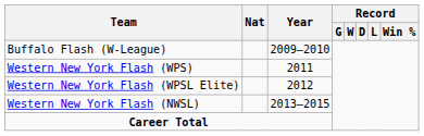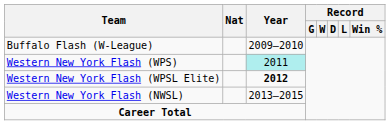 <table class="wikitable" style="text-align: center">
 <tr>
 <th rowspan="2">Team</th>
 <th rowspan="2">Nat</th>
 <th rowspan="2">Year</th>
 <th colspan="5">Record</th>
 </tr>
 <tr>
 <th>G</th>
 <th>W</th>
 <th>D</th>
 <th>L</th>
 <th>Win %</th>
 </tr>
 <tr>
 <td align="left">Buffalo Flash (W-League)</td>
 <td></td>
 <td>2009–2010<br></td>
 </tr>
 <tr>
 <td align="left"><a href='#'>Western New York Flash</a> (WPS)</td>
 <td></td>
-<td>2011<br></td>
+<td style="background: paleturquoise;">2011<br></td>
 </tr>
 <tr>
 <td align="left"><a href='#'>Western New York Flash</a> (WPSL Elite)</td>
 <td></td>
-<td>2012<br></td>
+<td><strong>2012<br></strong></td>
 </tr>
 <tr>
 <td align="left"><a href='#'>Western New York Flash</a> (NWSL)</td>
 <td></td>
 <td>2013–2015<br></td>
 </tr>
 <tr>
 <td colspan=3><strong>Career Total</strong><br></td>
 </tr>
 </table>
